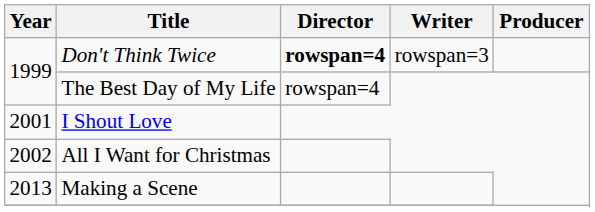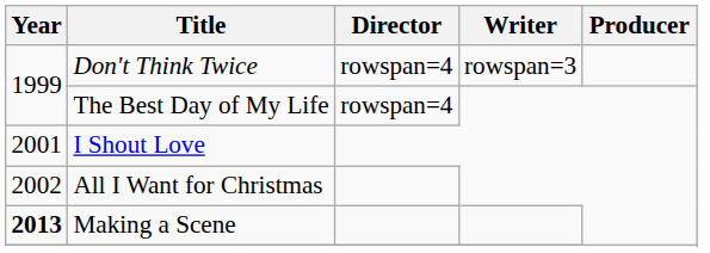 <table class="wikitable">
 <tr>
 <th>Year</th>
 <th>Title</th>
 <th width=65>Director</th>
 <th width=65>Writer</th>
 <th width=65>Producer</th>
 </tr>
 <tr>
 <td rowspan=2>1999</td>
 <td><em>Don't Think Twice</em></td>
-<td><strong>rowspan=4 </strong></td>
+<td>rowspan=4 </td>
 <td>rowspan=3 </td>
 <td></td>
 </tr>
 <tr>
 <td>The Best Day of My Life<em></td>
 <td>rowspan=4 </td>
 </tr>
 <tr>
 <td>2001</td>
 <td></em><a href='#'>I Shout Love</a><em></td>
 </tr>
 <tr>
 <td>2002</td>
 <td></em>All I Want for Christmas<em></td>
 <td></td>
 </tr>
 <tr>
-<td>2013</td>
+<td><strong>2013</strong></td>
 <td></em>Making a Scene<em></td>
 <td></td>
 <td></td>
 </tr>
 <tr>
 </tr>
 </table>
